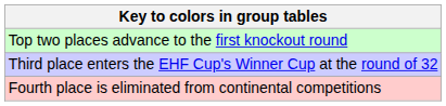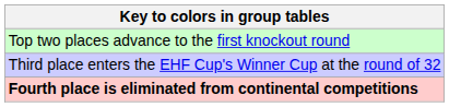 <table class="wikitable">
 <tr>
 <th>Key to colors in group tables</th>
 </tr>
 <tr bgcolor=#ccffcc>
 <td>Top two places advance to the <a href='#'>first knockout round</a></td>
 </tr>
 <tr bgcolor=#ccccff>
 <td>Third place enters the <a href='#'>EHF Cup's Winner Cup</a> at the <a href='#'>round of 32</a></td>
 </tr>
 <tr bgcolor=#ffcccc>
-<td>Fourth place is eliminated from continental competitions</td>
+<td><strong>Fourth place is eliminated from continental competitions</strong></td>
 </tr>
 </table>
